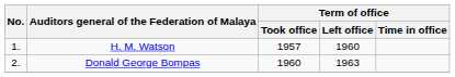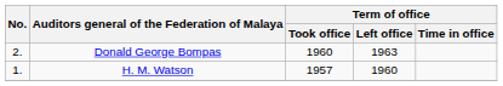 <table class="wikitable" style="text-align:center;">
 <tr style="background:#cccccc">
 <th rowspan=2>No.</th>
 <th rowspan=2>Auditors general of the Federation of Malaya</th>
 <th colspan=3>Term of office</th>
 </tr>
 <tr>
 <th>Took office</th>
 <th>Left office</th>
 <th>Time in office</th>
 </tr>
 <tr>
+<td>2.</td>
+<td><a href='#'>Donald George Bompas</a></td>
+<td>1960</td>
+<td>1963</td>
+<td></td>
+</tr>
+<tr>
 <td>1.</td>
 <td><a href='#'>H. M. Watson</a></td>
 <td>1957</td>
 <td>1960</td>
 <td></td>
 </tr>
 <tr>
-<td>2.</td>
-<td><a href='#'>Donald George Bompas</a></td>
-<td>1960</td>
-<td>1963</td>
-<td></td>
-</tr>
-<tr>
 </tr>
 </table>
